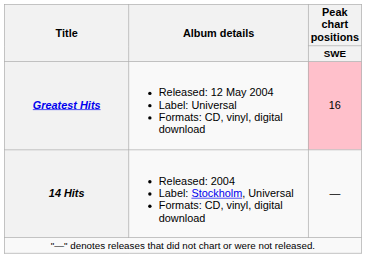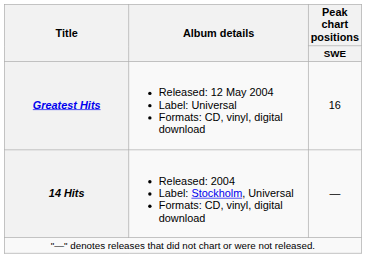 <table class="wikitable plainrowheaders" style="text-align:center;">
 <tr>
 <th scope="col" rowspan="2" style="width:11em;">Title</th>
 <th scope="col" rowspan="2" style="width:16em;">Album details</th>
 <th scope="col" colspan="1">Peak chart positions</th>
 </tr>
 <tr>
 <th scope="col" style="width:2.5em;font-size:90%;">SWE<br></th>
 </tr>
 <tr>
 <th scope="row"><em><a href='#'>Greatest Hits</a></em></th>
 <td align="left"><br><ul><li>Released: 12 May 2004</li><li>Label: Universal</li><li>Formats: CD, vinyl, digital download</li></ul></td>
-<td style="background: pink;">16</td>
+<td>16</td>
 </tr>
 <tr>
 <th scope="row"><em>14 Hits</em></th>
 <td align="left"><br><ul><li>Released: 2004</li><li>Label: <a href='#'>Stockholm</a>, Universal</li><li>Formats: CD, vinyl, digital download</li></ul></td>
 <td>—</td>
 </tr>
 <tr>
 <td align="center" colspan="16" style="font-size: 90%">"—" denotes releases that did not chart or were not released.</td>
 </tr>
 </table>
